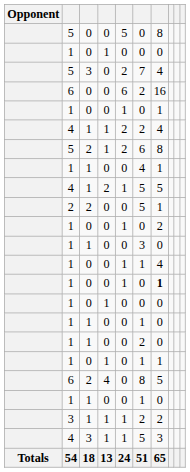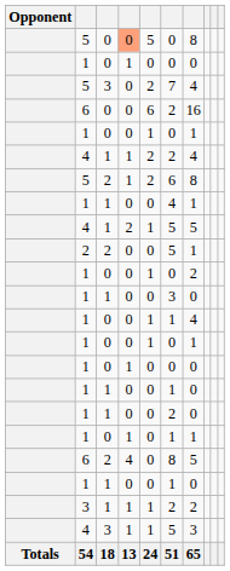 <table class="wikitable plainrowheaders sortable" style="text-align:center">
 <tr>
 <th scope=col>Opponent</th>
 <th scope=col></th>
 <th scope=col></th>
 <th scope=col></th>
 <th scope=col></th>
 <th scope=col></th>
 <th scope=col></th>
 <th scope=col></th>
 <th scope=col></th>
 <th scope=col></th>
 </tr>
 <tr>
 <th scope=row style="text-align:left;"></th>
 <td>5</td>
 <td>0</td>
-<td>0</td>
+<td style="background: lightsalmon;">0</td>
 <td>5</td>
 <td>0</td>
 <td>8</td>
 <td></td>
 <td></td>
 <td></td>
 </tr>
 <tr>
 <th scope=row style="text-align:left;"></th>
 <td>1</td>
 <td>0</td>
 <td>1</td>
 <td>0</td>
 <td>0</td>
 <td>0</td>
 <td></td>
 <td></td>
 <td></td>
 </tr>
 <tr>
 <th scope=row style="text-align:left;"></th>
 <td>5</td>
 <td>3</td>
 <td>0</td>
 <td>2</td>
 <td>7</td>
 <td>4</td>
 <td></td>
 <td></td>
 <td></td>
 </tr>
 <tr>
 <th scope=row style="text-align:left;"></th>
 <td>6</td>
 <td>0</td>
 <td>0</td>
 <td>6</td>
 <td>2</td>
 <td>16</td>
 <td></td>
 <td></td>
 <td></td>
 </tr>
 <tr>
 <th scope=row style="text-align:left;"></th>
 <td>1</td>
 <td>0</td>
 <td>0</td>
 <td>1</td>
 <td>0</td>
 <td>1</td>
 <td></td>
 <td></td>
 <td></td>
 </tr>
 <tr>
 <th scope=row style="text-align:left;"></th>
 <td>4</td>
 <td>1</td>
 <td>1</td>
 <td>2</td>
 <td>2</td>
 <td>4</td>
 <td></td>
 <td></td>
 <td></td>
 </tr>
 <tr>
 <th scope=row style="text-align:left;"></th>
 <td>5</td>
 <td>2</td>
 <td>1</td>
 <td>2</td>
 <td>6</td>
 <td>8</td>
 <td></td>
 <td></td>
 <td></td>
 </tr>
 <tr>
 <th scope=row style="text-align:left;"></th>
 <td>1</td>
 <td>1</td>
 <td>0</td>
 <td>0</td>
 <td>4</td>
 <td>1</td>
 <td></td>
 <td></td>
 <td></td>
 </tr>
 <tr>
 <th scope=row style="text-align:left;"></th>
 <td>4</td>
 <td>1</td>
 <td>2</td>
 <td>1</td>
 <td>5</td>
 <td>5</td>
 <td></td>
 <td></td>
 <td></td>
 </tr>
 <tr>
 <th scope=row style="text-align:left;"></th>
 <td>2</td>
 <td>2</td>
 <td>0</td>
 <td>0</td>
 <td>5</td>
 <td>1</td>
 <td></td>
 <td></td>
 <td></td>
 </tr>
 <tr>
 <th scope=row style="text-align:left;"></th>
 <td>1</td>
 <td>0</td>
 <td>0</td>
 <td>1</td>
 <td>0</td>
 <td>2</td>
 <td></td>
 <td></td>
 <td></td>
 </tr>
 <tr>
 <th scope=row style="text-align:left;"></th>
 <td>1</td>
 <td>1</td>
 <td>0</td>
 <td>0</td>
 <td>3</td>
 <td>0</td>
 <td></td>
 <td></td>
 <td></td>
 </tr>
 <tr>
 <th scope=row style="text-align:left;"></th>
 <td>1</td>
 <td>0</td>
 <td>0</td>
 <td>1</td>
 <td>1</td>
 <td>4</td>
 <td></td>
 <td></td>
 <td></td>
 </tr>
 <tr>
 <th scope=row style="text-align:left;"></th>
 <td>1</td>
 <td>0</td>
 <td>0</td>
 <td>1</td>
 <td>0</td>
-<td><strong>1</strong></td>
+<td>1</td>
 <td></td>
 <td></td>
 <td></td>
 </tr>
 <tr>
 <th scope=row style="text-align:left;"></th>
 <td>1</td>
 <td>0</td>
 <td>1</td>
 <td>0</td>
 <td>0</td>
 <td>0</td>
 <td></td>
 <td></td>
 <td></td>
 </tr>
 <tr>
 <th scope=row style="text-align:left;"></th>
 <td>1</td>
 <td>1</td>
 <td>0</td>
 <td>0</td>
 <td>1</td>
 <td>0</td>
 <td></td>
 <td></td>
 <td></td>
 </tr>
 <tr>
 <th scope=row style="text-align:left;"></th>
 <td>1</td>
 <td>1</td>
 <td>0</td>
 <td>0</td>
 <td>2</td>
 <td>0</td>
 <td></td>
 <td></td>
 <td></td>
 </tr>
 <tr>
 <th scope=row style="text-align:left;"></th>
 <td>1</td>
 <td>0</td>
 <td>1</td>
 <td>0</td>
 <td>1</td>
 <td>1</td>
 <td></td>
 <td></td>
 <td></td>
 </tr>
 <tr>
 <th scope=row style="text-align:left;"></th>
 <td>6</td>
 <td>2</td>
 <td>4</td>
 <td>0</td>
 <td>8</td>
 <td>5</td>
 <td></td>
 <td></td>
 <td></td>
 </tr>
 <tr>
 <th scope=row style="text-align:left;"></th>
 <td>1</td>
 <td>1</td>
 <td>0</td>
 <td>0</td>
 <td>1</td>
 <td>0</td>
 <td></td>
 <td></td>
 <td></td>
 </tr>
 <tr>
 <th scope=row style="text-align:left;"></th>
 <td>3</td>
 <td>1</td>
 <td>1</td>
 <td>1</td>
 <td>2</td>
 <td>2</td>
 <td></td>
 <td></td>
 <td></td>
 </tr>
 <tr>
 <th scope=row style="text-align:left;"></th>
 <td>4</td>
 <td>3</td>
 <td>1</td>
 <td>1</td>
 <td>5</td>
 <td>3</td>
 <td></td>
 <td></td>
 <td></td>
 </tr>
 <tr class="sortbottom">
 <th>Totals</th>
 <th>54</th>
 <th>18</th>
 <th>13</th>
 <th>24</th>
 <th>51</th>
 <th>65</th>
 <th></th>
 <th></th>
 <th></th>
 </tr>
 </table>
